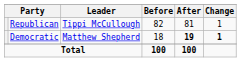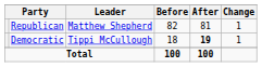 <table class="wikitable" style="text-align:center;">
 <tr>
 </tr>
 <tr>
 <th colspan="2">Party</th>
 <th>Leader</th>
 <th style="width:3em">Before</th>
 <th style="width:3em">After</th>
 <th style="width:3em">Change</th>
 </tr>
 <tr>
 <th style="background-color:"></th>
 <td style="text-align:left;"><a href='#'>Republican</a></td>
-<td style="text-align:left;"><a href='#'>Tippi McCullough</a></td>
+<td style="text-align:left;"><a href='#'>Matthew Shepherd</a></td>
 <td>82</td>
 <td>81</td>
 <td> 1</td>
 </tr>
 <tr>
 <th style="background-color:"></th>
 <td style="text-align:left;"><a href='#'>Democratic</a></td>
-<td style="text-align:left;"><a href='#'>Matthew Shepherd</a></td>
+<td style="text-align:left;"><a href='#'>Tippi McCullough</a></td>
 <td>18</td>
 <td><strong>19</strong></td>
-<td><strong> 1</strong></td>
+<td> 1</td>
 </tr>
 <tr>
 </tr>
 <tr>
 <td colspan="3"><strong>Total</strong></td>
 <td><strong>100</strong></td>
 <td><strong>100</strong></td>
 <td></td>
 </tr>
 </table>
